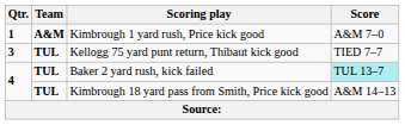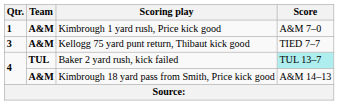 <table class="wikitable">
 <tr>
 <th>Qtr.</th>
 <th>Team</th>
 <th>Scoring play</th>
 <th>Score</th>
 </tr>
 <tr>
 <td><strong>1</strong></td>
 <td><strong>A&M</strong></td>
 <td>Kimbrough 1 yard rush, Price kick good</td>
 <td>A&M 7–0</td>
 </tr>
 <tr>
 <td><strong>3</strong></td>
-<td><strong>TUL</strong></td>
+<td><strong>A&M</strong></td>
 <td>Kellogg 75 yard punt return, Thibaut kick good</td>
 <td>TIED 7–7</td>
 </tr>
 <tr>
 <td rowspan=2><strong>4</strong></td>
 <td><strong>TUL</strong></td>
 <td>Baker 2 yard rush, kick failed</td>
 <td style="background: paleturquoise;">TUL 13–7</td>
 </tr>
 <tr>
-<td><strong>TUL</strong></td>
+<td><strong>A&M</strong></td>
 <td>Kimbrough 18 yard pass from Smith, Price kick good</td>
 <td>A&M 14–13</td>
 </tr>
 <tr>
 <th colspan=4>Source:</th>
 </tr>
 </table>
